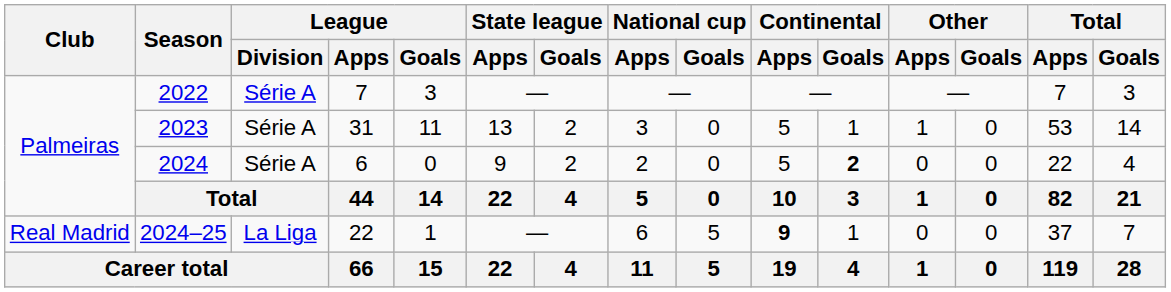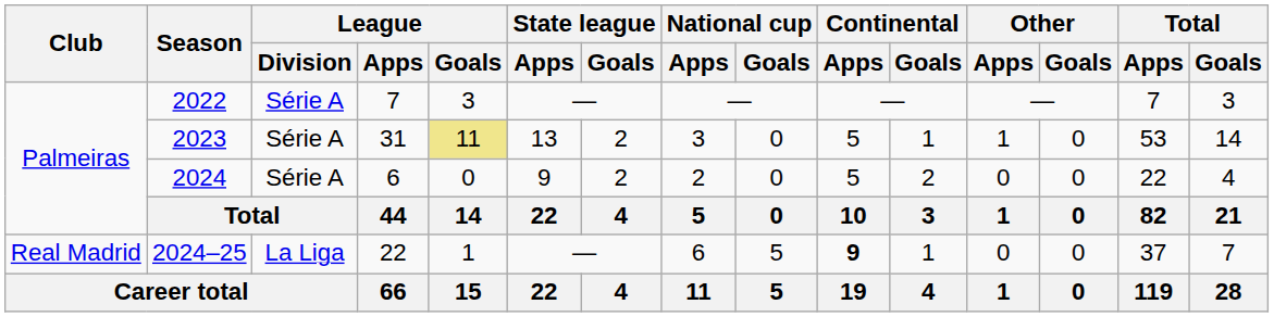 <table class="wikitable" style="text-align: center;">
 <tr>
 <th rowspan="2">Club</th>
 <th rowspan="2">Season</th>
 <th colspan="3">League</th>
 <th colspan="2">State league</th>
 <th colspan="2">National cup</th>
 <th colspan="2">Continental</th>
 <th colspan="2">Other</th>
 <th colspan="2">Total</th>
 </tr>
 <tr>
 <th>Division</th>
 <th>Apps</th>
 <th>Goals</th>
 <th>Apps</th>
 <th>Goals</th>
 <th>Apps</th>
 <th>Goals</th>
 <th>Apps</th>
 <th>Goals</th>
 <th>Apps</th>
 <th>Goals</th>
 <th>Apps</th>
 <th>Goals</th>
 </tr>
 <tr>
 <td rowspan="4"><a href='#'>Palmeiras</a></td>
 <td><a href='#'>2022</a></td>
 <td><a href='#'>Série A</a></td>
 <td>7</td>
 <td>3</td>
 <td colspan="2">—</td>
 <td colspan="2">—</td>
 <td colspan="2">—</td>
 <td colspan="2">—</td>
 <td>7</td>
 <td>3</td>
 </tr>
 <tr>
 <td><a href='#'>2023</a></td>
 <td>Série A</td>
 <td>31</td>
-<td>11</td>
+<td style="background: khaki;">11</td>
 <td>13</td>
 <td>2</td>
 <td>3</td>
 <td>0</td>
 <td>5</td>
 <td>1</td>
 <td>1</td>
 <td>0</td>
 <td>53</td>
 <td>14</td>
 </tr>
 <tr>
 <td><a href='#'>2024</a></td>
 <td>Série A</td>
 <td>6</td>
 <td>0</td>
 <td>9</td>
 <td>2</td>
 <td>2</td>
 <td>0</td>
 <td>5</td>
-<td><strong>2</strong></td>
+<td>2</td>
 <td>0</td>
 <td>0</td>
 <td>22</td>
 <td>4</td>
 </tr>
 <tr>
 <th colspan="2">Total</th>
 <th>44</th>
 <th>14</th>
 <th>22</th>
 <th>4</th>
 <th>5</th>
 <th>0</th>
 <th>10</th>
 <th>3</th>
 <th>1</th>
 <th>0</th>
 <th>82</th>
 <th>21</th>
 </tr>
 <tr>
 <td><a href='#'>Real Madrid</a></td>
 <td><a href='#'>2024–25</a></td>
 <td><a href='#'>La Liga</a></td>
 <td>22</td>
 <td>1</td>
 <td colspan="2">—</td>
 <td>6</td>
 <td>5</td>
 <td><strong>9</strong></td>
 <td>1</td>
 <td>0</td>
 <td>0</td>
 <td>37</td>
 <td>7</td>
 </tr>
 <tr>
 <th colspan="3">Career total</th>
 <th>66</th>
 <th>15</th>
 <th>22</th>
 <th>4</th>
 <th>11</th>
 <th>5</th>
 <th>19</th>
 <th>4</th>
 <th>1</th>
 <th>0</th>
 <th>119</th>
 <th>28</th>
 </tr>
 </table>
